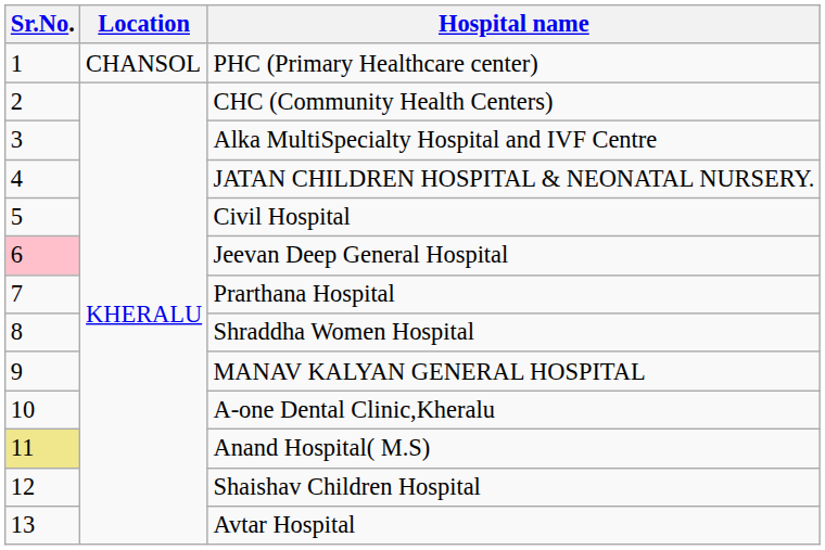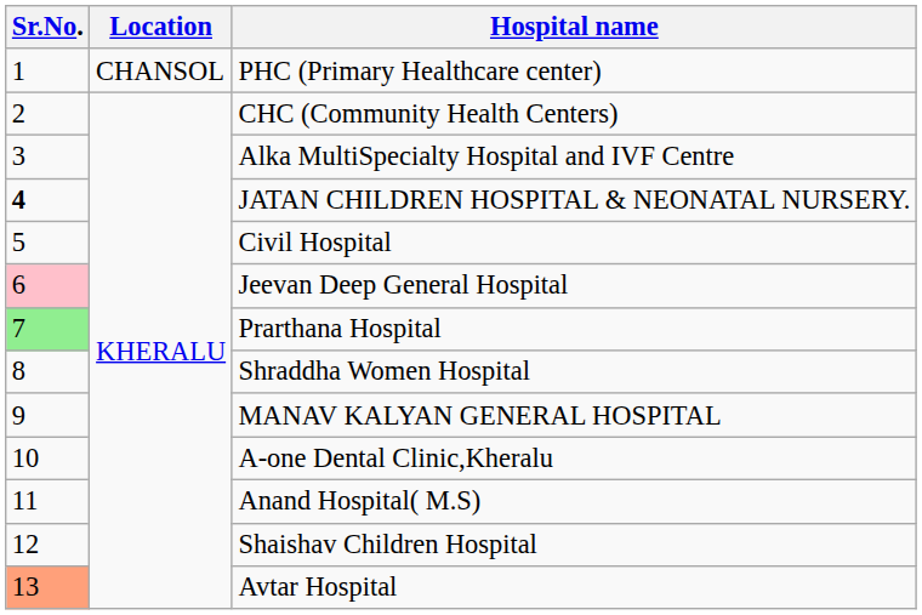 <table class="wikitable sortable mw-collapsible">
 <tr>
 <th><a href='#'>Sr.No</a>.</th>
 <th><a href='#'>Location</a></th>
 <th><a href='#'>Hospital name</a></th>
 </tr>
 <tr>
 <td>1</td>
 <td>CHANSOL</td>
 <td>PHC (Primary Healthcare center)</td>
 </tr>
 <tr>
 <td>2</td>
 <td rowspan="12"><a href='#'>KHERALU</a></td>
 <td>CHC (Community Health Centers)</td>
 </tr>
 <tr>
 <td>3</td>
 <td>Alka MultiSpecialty Hospital and IVF Centre</td>
 </tr>
 <tr>
-<td>4</td>
+<td><strong>4</strong></td>
 <td>JATAN CHILDREN HOSPITAL & NEONATAL NURSERY.</td>
 </tr>
 <tr>
 <td>5</td>
 <td>Civil Hospital</td>
 </tr>
 <tr>
 <td style="background: pink;">6</td>
 <td>Jeevan Deep General Hospital</td>
 </tr>
 <tr>
-<td>7</td>
+<td style="background: lightgreen;">7</td>
 <td>Prarthana Hospital</td>
 </tr>
 <tr>
 <td>8</td>
 <td>Shraddha Women Hospital</td>
 </tr>
 <tr>
 <td>9</td>
 <td>MANAV KALYAN GENERAL HOSPITAL</td>
 </tr>
 <tr>
 <td>10</td>
 <td>A-one Dental Clinic,Kheralu</td>
 </tr>
 <tr>
-<td style="background: khaki;">11</td>
+<td>11</td>
 <td>Anand Hospital( M.S)</td>
 </tr>
 <tr>
 <td>12</td>
 <td>Shaishav Children Hospital</td>
 </tr>
 <tr>
-<td>13</td>
+<td style="background: lightsalmon;">13</td>
 <td>Avtar Hospital</td>
 </tr>
 </table>
